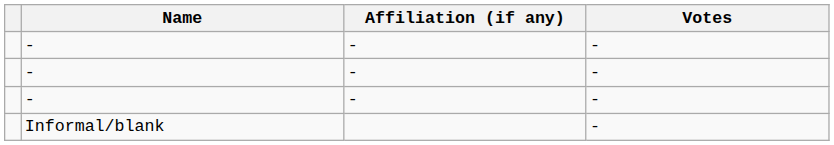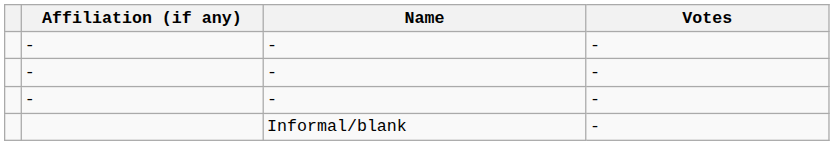 <table class="wikitable" style="width:51%;">
 <tr>
 <th style="width:1%;"></th>
+<th style="width:15%;">Affiliation (if any)</th>
 <th style="width:20%;">Name</th>
-<th style="width:15%;">Affiliation (if any)</th>
 <th style="width:15%;">Votes</th>
 </tr>
 <tr>
 <td bgcolor=></td>
 <td>-</td>
 <td>-</td>
 <td>-</td>
 </tr>
 <tr>
 <td bgcolor=></td>
 <td>-</td>
 <td>-</td>
 <td>-</td>
 </tr>
 <tr>
 <td bgcolor=></td>
 <td>-</td>
 <td>-</td>
 <td>-</td>
 </tr>
 <tr>
 <td></td>
+<td></td>
 <td>Informal/blank</td>
-<td></td>
 <td>-</td>
 </tr>
 </table>
